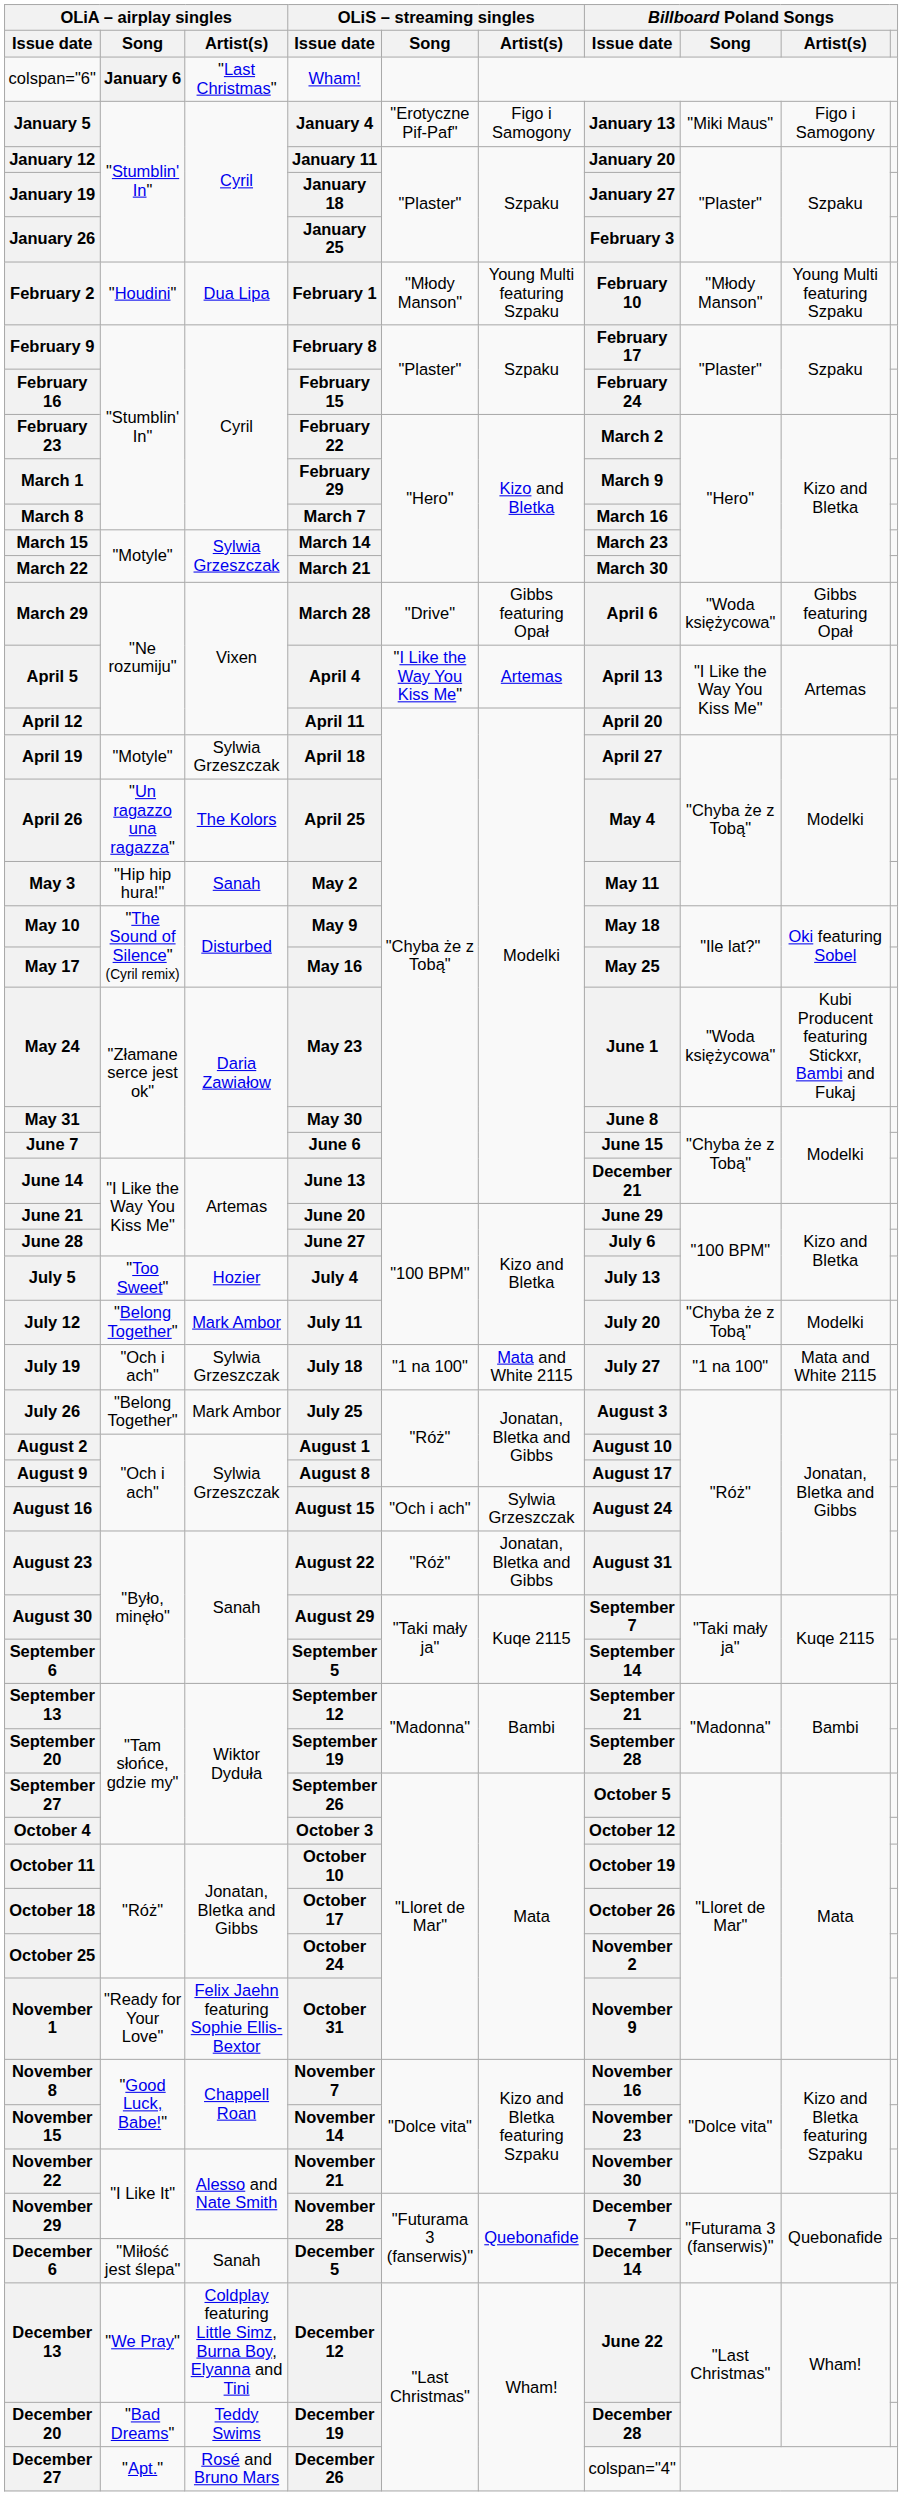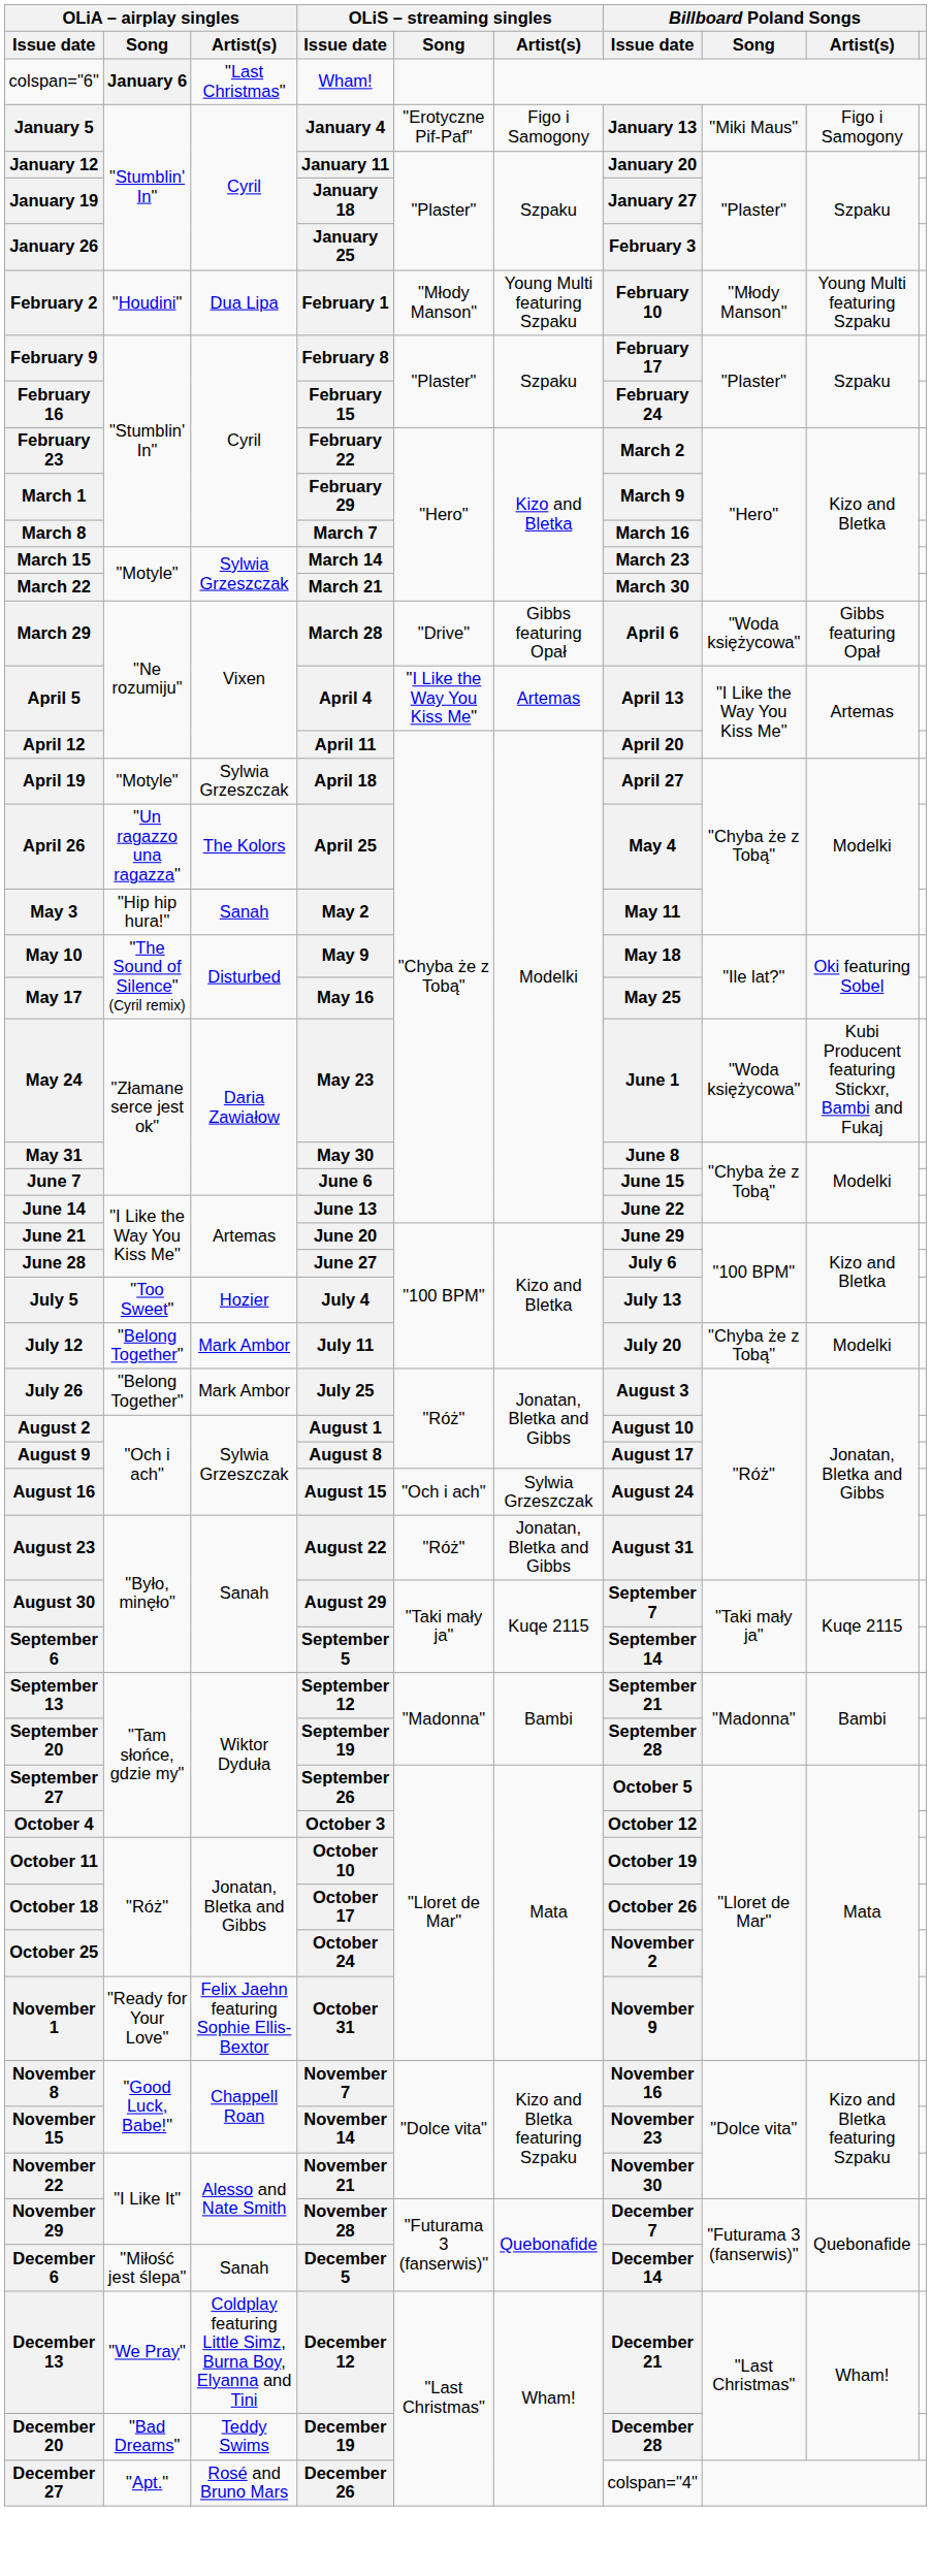 <table class="wikitable plainrowheaders" style="text-align: center">
 <tr>
 <th colspan="3">OLiA – airplay singles</th>
 <th colspan="3">OLiS – streaming singles</th>
 <th colspan="4"><em>Billboard</em> Poland Songs</th>
 </tr>
 <tr>
 <th>Issue date</th>
 <th>Song</th>
 <th>Artist(s)</th>
 <th>Issue date</th>
 <th>Song</th>
 <th>Artist(s)</th>
 <th>Issue date</th>
 <th>Song</th>
 <th>Artist(s)</th>
 <th></th>
 </tr>
 <tr>
 <td>colspan="6" </td>
 <th scope="row">January 6</th>
 <td>"<a href='#'>Last Christmas</a>"</td>
 <td><a href='#'>Wham!</a></td>
 <td></td>
 </tr>
 <tr>
 <th scope="row">January 5</th>
 <td rowspan="4">"<a href='#'>Stumblin' In</a>"</td>
 <td rowspan="4"><a href='#'>Cyril</a></td>
 <th scope="row">January 4</th>
 <td>"Erotyczne Pif-Paf"</td>
 <td>Figo i Samogony</td>
 <th scope="row">January 13</th>
 <td>"Miki Maus"</td>
 <td>Figo i Samogony</td>
 <td></td>
 </tr>
 <tr>
 <th scope="row">January 12</th>
 <th scope="row">January 11</th>
 <td rowspan="3">"Plaster"</td>
 <td rowspan="3">Szpaku</td>
 <th scope="row">January 20</th>
 <td rowspan="3">"Plaster"</td>
 <td rowspan="3">Szpaku</td>
 <td></td>
 </tr>
 <tr>
 <th scope="row">January 19</th>
 <th scope="row">January 18</th>
 <th scope="row">January 27</th>
 <td></td>
 </tr>
 <tr>
 <th scope="row">January 26</th>
 <th scope="row">January 25</th>
 <th scope="row">February 3</th>
 <td></td>
 </tr>
 <tr>
 <th scope="row">February 2</th>
 <td>"<a href='#'>Houdini</a>"</td>
 <td><a href='#'>Dua Lipa</a></td>
 <th scope="row">February 1</th>
 <td>"Młody Manson"</td>
 <td>Young Multi featuring Szpaku</td>
 <th scope="row">February 10</th>
 <td>"Młody Manson"</td>
 <td>Young Multi featuring Szpaku</td>
 <td></td>
 </tr>
 <tr>
 <th scope="row">February 9</th>
 <td rowspan="5">"Stumblin' In"</td>
 <td rowspan="5">Cyril</td>
 <th scope="row">February 8</th>
 <td rowspan="2">"Plaster"</td>
 <td rowspan="2">Szpaku</td>
 <th scope="row">February 17</th>
 <td rowspan="2">"Plaster"</td>
 <td rowspan="2">Szpaku</td>
 <td></td>
 </tr>
 <tr>
 <th scope="row">February 16</th>
 <th scope="row">February 15</th>
 <th scope="row">February 24</th>
 <td></td>
 </tr>
 <tr>
 <th scope="row">February 23</th>
 <th scope="row">February 22</th>
 <td rowspan="5">"Hero"</td>
 <td rowspan="5"><a href='#'>Kizo</a> and <a href='#'>Bletka</a></td>
 <th scope="row">March 2</th>
 <td rowspan="5">"Hero"</td>
 <td rowspan="5">Kizo and Bletka</td>
 <td></td>
 </tr>
 <tr>
 <th scope="row">March 1</th>
 <th scope="row">February 29</th>
 <th scope="row">March 9</th>
 <td></td>
 </tr>
 <tr>
 <th scope="row">March 8</th>
 <th scope="row">March 7</th>
 <th scope="row">March 16</th>
 <td></td>
 </tr>
 <tr>
 <th scope="row">March 15</th>
 <td rowspan="2">"Motyle"</td>
 <td rowspan="2"><a href='#'>Sylwia Grzeszczak</a></td>
 <th scope="row">March 14</th>
 <th scope="row">March 23</th>
 <td></td>
 </tr>
 <tr>
 <th scope="row">March 22</th>
 <th scope="row">March 21</th>
 <th scope="row">March 30</th>
 <td></td>
 </tr>
 <tr>
 <th scope="row">March 29</th>
 <td rowspan="3">"Ne rozumiju"</td>
 <td rowspan="3">Vixen</td>
 <th scope="row">March 28</th>
 <td>"Drive"</td>
 <td>Gibbs featuring Opał</td>
 <th scope="row">April 6</th>
 <td>"Woda księżycowa"</td>
 <td>Gibbs featuring Opał</td>
 <td></td>
 </tr>
 <tr>
 <th scope="row">April 5</th>
 <th scope="row">April 4</th>
 <td>"<a href='#'>I Like the Way You Kiss Me</a>"</td>
 <td><a href='#'>Artemas</a></td>
 <th scope="row">April 13</th>
 <td rowspan="2">"I Like the Way You Kiss Me"</td>
 <td rowspan="2">Artemas</td>
 <td></td>
 </tr>
 <tr>
 <th scope="row">April 12</th>
 <th scope="row">April 11</th>
 <td rowspan="10">"Chyba że z Tobą"</td>
 <td rowspan="10">Modelki</td>
 <th scope="row">April 20</th>
 <td></td>
 </tr>
 <tr>
 <th scope="row">April 19</th>
 <td>"Motyle"</td>
 <td>Sylwia Grzeszczak</td>
 <th scope="row">April 18</th>
 <th scope="row">April 27</th>
 <td rowspan="3">"Chyba że z Tobą"</td>
 <td rowspan="3">Modelki</td>
 <td></td>
 </tr>
 <tr>
 <th scope="row">April 26</th>
 <td>"<a href='#'>Un ragazzo una ragazza</a>"</td>
 <td><a href='#'>The Kolors</a></td>
 <th scope="row">April 25</th>
 <th scope="row">May 4</th>
 <td></td>
 </tr>
 <tr>
 <th scope="row">May 3</th>
 <td>"Hip hip hura!"</td>
 <td><a href='#'>Sanah</a></td>
 <th scope="row">May 2</th>
 <th scope="row">May 11</th>
 <td></td>
 </tr>
 <tr>
 <th scope="row">May 10</th>
 <td rowspan="2">"<a href='#'>The Sound of Silence</a>" <small>(Cyril remix)</small></td>
 <td rowspan="2"><a href='#'>Disturbed</a></td>
 <th scope="row">May 9</th>
 <th scope="row">May 18</th>
 <td rowspan="2">"Ile lat?"</td>
 <td rowspan="2"><a href='#'>Oki</a> featuring <a href='#'>Sobel</a></td>
 <td></td>
 </tr>
 <tr>
 <th scope="row">May 17</th>
 <th scope="row">May 16</th>
 <th scope="row">May 25</th>
 <td></td>
 </tr>
 <tr>
 <th scope="row">May 24</th>
 <td rowspan="3">"Złamane serce jest ok"</td>
 <td rowspan="3"><a href='#'>Daria Zawiałow</a></td>
 <th scope="row">May 23</th>
 <th scope="row">June 1</th>
 <td>"Woda księżycowa"</td>
 <td>Kubi Producent featuring Stickxr, <a href='#'>Bambi</a> and Fukaj</td>
 <td></td>
 </tr>
 <tr>
 <th scope="row">May 31</th>
 <th scope="row">May 30</th>
 <th scope="row">June 8</th>
 <td rowspan="3">"Chyba że z Tobą"</td>
 <td rowspan="3">Modelki</td>
 <td></td>
 </tr>
 <tr>
 <th scope="row">June 7</th>
 <th scope="row">June 6</th>
 <th scope="row">June 15</th>
 <td></td>
 </tr>
 <tr>
 <th scope="row">June 14</th>
 <td rowspan="3">"I Like the Way You Kiss Me"</td>
 <td rowspan="3">Artemas</td>
 <th scope="row">June 13</th>
-<th scope="row">December 21</th>
+<th scope="row">June 22</th>
 <td></td>
 </tr>
 <tr>
 <th scope="row">June 21</th>
 <th scope="row">June 20</th>
 <td rowspan="4">"100 BPM"</td>
 <td rowspan="4">Kizo and Bletka</td>
 <th scope="row">June 29</th>
 <td rowspan="3">"100 BPM"</td>
 <td rowspan="3">Kizo and Bletka</td>
 <td></td>
 </tr>
 <tr>
 <th scope="row">June 28</th>
 <th scope="row">June 27</th>
 <th scope="row">July 6</th>
 <td></td>
 </tr>
 <tr>
 <th scope="row">July 5</th>
 <td>"<a href='#'>Too Sweet</a>"</td>
 <td><a href='#'>Hozier</a></td>
 <th scope="row">July 4</th>
 <th scope="row">July 13</th>
 <td></td>
 </tr>
 <tr>
 <th scope="row">July 12</th>
 <td>"<a href='#'>Belong Together</a>"</td>
 <td><a href='#'>Mark Ambor</a></td>
 <th scope="row">July 11</th>
 <th scope="row">July 20</th>
 <td>"Chyba że z Tobą"</td>
 <td>Modelki</td>
-<td></td>
-</tr>
-<tr>
-<th scope="row">July 19</th>
-<td>"Och i ach"</td>
-<td>Sylwia Grzeszczak</td>
-<th scope="row">July 18</th>
-<td>"1 na 100"</td>
-<td><a href='#'>Mata</a> and White 2115</td>
-<th scope="row">July 27</th>
-<td>"1 na 100"</td>
-<td>Mata and White 2115</td>
 <td></td>
 </tr>
 <tr>
 <th scope="row">July 26</th>
 <td>"Belong Together"</td>
 <td>Mark Ambor</td>
 <th scope="row">July 25</th>
 <td rowspan="3">"Róż"</td>
 <td rowspan="3">Jonatan, Bletka and Gibbs</td>
 <th scope="row">August 3</th>
 <td rowspan="5">"Róż"</td>
 <td rowspan="5">Jonatan, Bletka and Gibbs</td>
 <td></td>
 </tr>
 <tr>
 <th scope="row">August 2</th>
 <td rowspan="3">"Och i ach"</td>
 <td rowspan="3">Sylwia Grzeszczak</td>
 <th scope="row">August 1</th>
 <th scope="row">August 10</th>
 <td></td>
 </tr>
 <tr>
 <th scope="row">August 9</th>
 <th scope="row">August 8</th>
 <th scope="row">August 17</th>
 <td></td>
 </tr>
 <tr>
 <th scope="row">August 16</th>
 <th scope="row">August 15</th>
 <td>"Och i ach"</td>
 <td>Sylwia Grzeszczak</td>
 <th scope="row">August 24</th>
 <td></td>
 </tr>
 <tr>
 <th scope="row">August 23</th>
 <td rowspan="3">"Było, minęło"</td>
 <td rowspan="3">Sanah</td>
 <th scope="row">August 22</th>
 <td>"Róż"</td>
 <td>Jonatan, Bletka and Gibbs</td>
 <th scope="row">August 31</th>
 <td></td>
 </tr>
 <tr>
 <th scope="row">August 30</th>
 <th scope="row">August 29</th>
 <td rowspan="2">"Taki mały ja"</td>
 <td rowspan="2">Kuqe 2115</td>
 <th scope="row">September 7</th>
 <td rowspan="2">"Taki mały ja"</td>
 <td rowspan="2">Kuqe 2115</td>
 <td></td>
 </tr>
 <tr>
 <th scope="row">September 6</th>
 <th scope="row">September 5</th>
 <th scope="row">September 14</th>
 <td></td>
 </tr>
 <tr>
 <th scope="row">September 13</th>
 <td rowspan="4">"Tam słońce, gdzie my"</td>
 <td rowspan="4">Wiktor Dyduła</td>
 <th scope="row">September 12</th>
 <td rowspan="2">"Madonna"</td>
 <td rowspan="2">Bambi</td>
 <th scope="row">September 21</th>
 <td rowspan="2">"Madonna"</td>
 <td rowspan="2">Bambi</td>
 <td></td>
 </tr>
 <tr>
 <th scope="row">September 20</th>
 <th scope="row">September 19</th>
 <th scope="row">September 28</th>
 <td></td>
 </tr>
 <tr>
 <th scope="row">September 27</th>
 <th scope="row">September 26</th>
 <td rowspan="6">"Lloret de Mar"</td>
 <td rowspan="6">Mata</td>
 <th scope="row">October 5</th>
 <td rowspan="6">"Lloret de Mar"</td>
 <td rowspan="6">Mata</td>
 <td></td>
 </tr>
 <tr>
 <th scope="row">October 4</th>
 <th scope="row">October 3</th>
 <th scope="row">October 12</th>
 <td></td>
 </tr>
 <tr>
 <th scope="row">October 11</th>
 <td rowspan="3">"Róż"</td>
 <td rowspan="3">Jonatan, Bletka and Gibbs</td>
 <th scope="row">October 10</th>
 <th scope="row">October 19</th>
 <td></td>
 </tr>
 <tr>
 <th scope="row">October 18</th>
 <th scope="row">October 17</th>
 <th scope="row">October 26</th>
 <td></td>
 </tr>
 <tr>
 <th scope="row">October 25</th>
 <th scope="row">October 24</th>
 <th scope="row">November 2</th>
 <td></td>
 </tr>
 <tr>
 <th scope="row">November 1</th>
 <td>"Ready for Your Love"</td>
 <td><a href='#'>Felix Jaehn</a> featuring <a href='#'>Sophie Ellis-Bextor</a></td>
 <th scope="row">October 31</th>
 <th scope="row">November 9</th>
 <td></td>
 </tr>
 <tr>
 <th scope="row">November 8</th>
 <td rowspan="2">"<a href='#'>Good Luck, Babe!</a>"</td>
 <td rowspan="2"><a href='#'>Chappell Roan</a></td>
 <th scope="row">November 7</th>
 <td rowspan="3">"Dolce vita"</td>
 <td rowspan="3">Kizo and Bletka featuring Szpaku</td>
 <th scope="row">November 16</th>
 <td rowspan="3">"Dolce vita"</td>
 <td rowspan="3">Kizo and Bletka featuring Szpaku</td>
 <td></td>
 </tr>
 <tr>
 <th scope="row">November 15</th>
 <th scope="row">November 14</th>
 <th scope="row">November 23</th>
 <td></td>
 </tr>
 <tr>
 <th scope="row">November 22</th>
 <td rowspan="2">"I Like It"</td>
 <td rowspan="2"><a href='#'>Alesso</a> and <a href='#'>Nate Smith</a></td>
 <th scope="row">November 21</th>
 <th scope="row">November 30</th>
 <td></td>
 </tr>
 <tr>
 <th scope="row">November 29</th>
 <th scope="row">November 28</th>
 <td rowspan="2">"Futurama 3 (fanserwis)"</td>
 <td rowspan="2"><a href='#'>Quebonafide</a></td>
 <th scope="row">December 7</th>
 <td rowspan="2">"Futurama 3 (fanserwis)"</td>
 <td rowspan="2">Quebonafide</td>
 <td></td>
 </tr>
 <tr>
 <th scope="row">December 6</th>
 <td>"Miłość jest ślepa"</td>
 <td>Sanah</td>
 <th scope="row">December 5</th>
 <th scope="row">December 14</th>
 <td></td>
 </tr>
 <tr>
 <th scope="row">December 13</th>
 <td>"<a href='#'>We Pray</a>"</td>
 <td><a href='#'>Coldplay</a> featuring <a href='#'>Little Simz</a>, <a href='#'>Burna Boy</a>, <a href='#'>Elyanna</a> and <a href='#'>Tini</a></td>
 <th scope="row">December 12</th>
 <td rowspan="3">"Last Christmas"</td>
 <td rowspan="3">Wham!</td>
-<th scope="row">June 22</th>
+<th scope="row">December 21</th>
 <td rowspan="2">"Last Christmas"</td>
 <td rowspan="2">Wham!</td>
 <td></td>
 </tr>
 <tr>
 <th scope="row">December 20</th>
 <td>"<a href='#'>Bad Dreams</a>"</td>
 <td><a href='#'>Teddy Swims</a></td>
 <th scope="row">December 19</th>
 <th scope="row">December 28</th>
 <td></td>
 </tr>
 <tr>
 <th scope="row">December 27</th>
 <td>"<a href='#'>Apt.</a>"</td>
 <td><a href='#'>Rosé</a> and <a href='#'>Bruno Mars</a></td>
 <th scope="row">December 26</th>
 <td>colspan="4" </td>
 </tr>
 </table>
